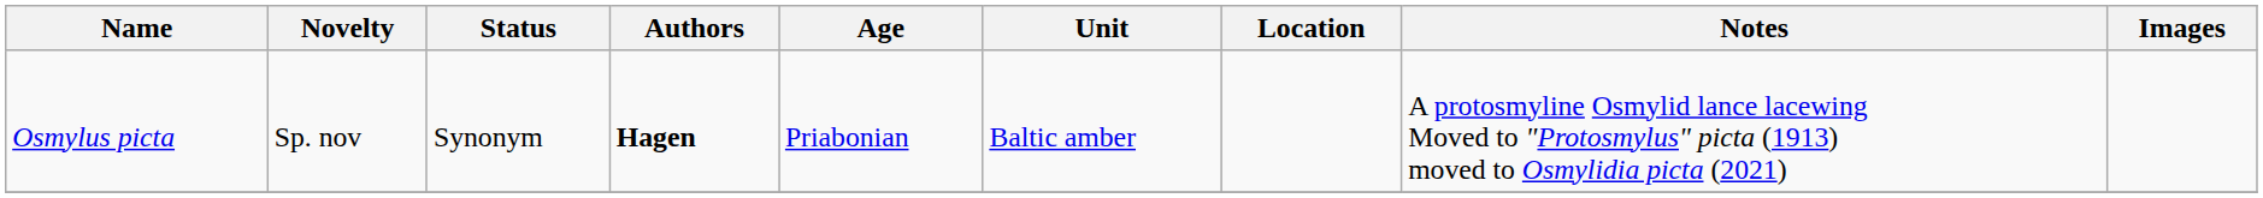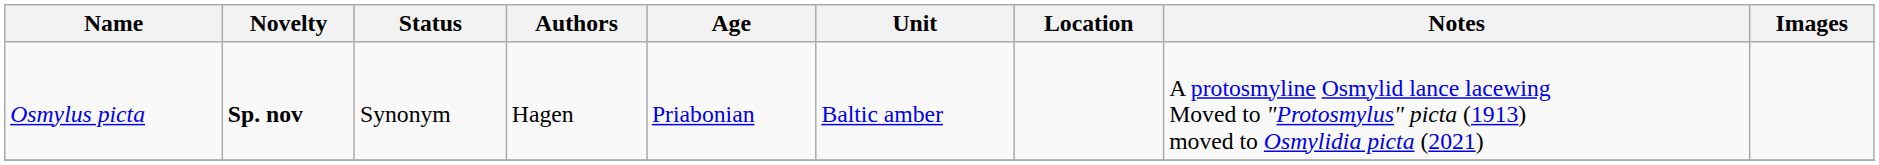 <table class="wikitable sortable" align="center" width="100%">
 <tr>
 <th>Name</th>
 <th>Novelty</th>
 <th>Status</th>
 <th>Authors</th>
 <th>Age</th>
 <th>Unit</th>
 <th>Location</th>
 <th>Notes</th>
 <th>Images</th>
 </tr>
 <tr>
 <td><br><em><a href='#'>Osmylus picta</a></em></td>
-<td><br>Sp. nov</td>
+<td><strong><br>Sp. nov</strong></td>
 <td><br>Synonym</td>
-<td><strong><br>Hagen</strong></td>
+<td><br>Hagen</td>
 <td><br><a href='#'>Priabonian</a></td>
 <td><br><a href='#'>Baltic amber</a></td>
 <td><br></td>
 <td><br>A <a href='#'>protosmyline</a> <a href='#'>Osmylid lance lacewing</a><br> Moved to <em>"<a href='#'>Protosmylus</a>" picta</em> (<a href='#'>1913</a>)<br> moved to <em><a href='#'>Osmylidia picta</a></em> (<a href='#'>2021</a>)</td>
 <td></td>
 </tr>
 <tr>
 </tr>
 </table>
